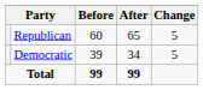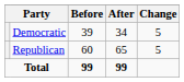 <table class="wikitable" style="text-align:center;">
 <tr>
 </tr>
 <tr>
 <th colspan=2>Party</th>
 <th>Before</th>
 <th>After</th>
 <th>Change</th>
 </tr>
 <tr>
 <th style="background-color:"></th>
-<td style="text-align:left;"><a href='#'>Republican</a></td>
-<td>60</td>
-<td>65</td>
+<td style="text-align:left;"><a href='#'>Democratic</a></td>
+<td>39</td>
+<td>34</td>
 <td> 5</td>
 </tr>
 <tr>
 <th style="background-color:"></th>
-<td style="text-align:left;"><a href='#'>Democratic</a></td>
-<td>39</td>
-<td>34</td>
+<td style="text-align:left;"><a href='#'>Republican</a></td>
+<td>60</td>
+<td>65</td>
 <td> 5</td>
 </tr>
 <tr>
 <td colspan=2><strong>Total</strong></td>
 <td><strong>99</strong></td>
 <td><strong>99</strong></td>
 <td></td>
 </tr>
 </table>
